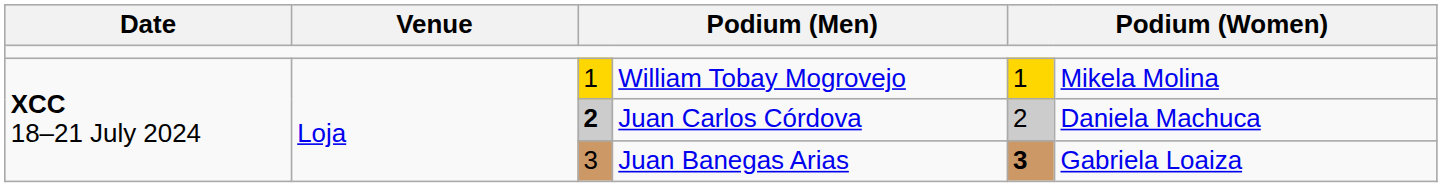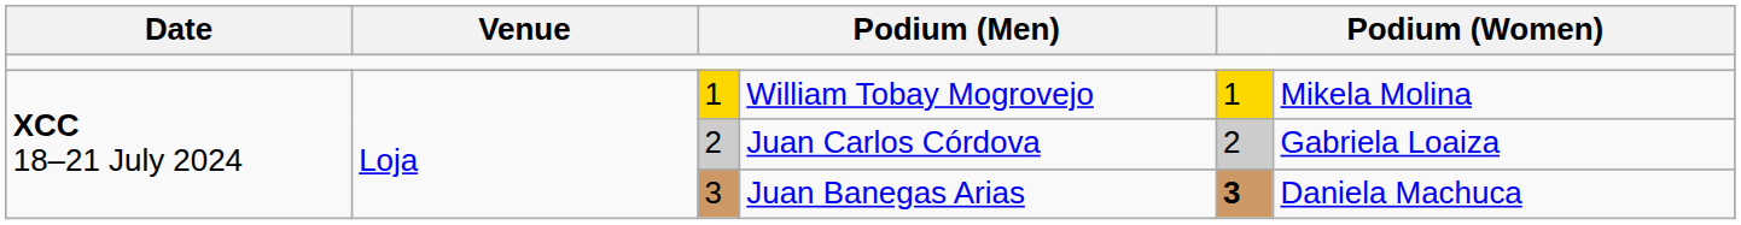 <table class="wikitable" width=70%>
 <tr>
 <th>Date</th>
 <th width=20%>Venue</th>
 <th colspan=2 width=30%>Podium (Men)</th>
 <th colspan=2 width=30%>Podium (Women)</th>
 </tr>
 <tr>
 <td colspan=6></td>
 </tr>
 <tr>
 <td rowspan=3><strong>XCC</strong> <br> 18–21 July 2024</td>
 <td rowspan=3><br><a href='#'>Loja</a></td>
 <td bgcolor=FFD700>1</td>
 <td><a href='#'>William Tobay Mogrovejo</a></td>
 <td bgcolor=FFD700>1</td>
 <td><a href='#'>Mikela Molina</a></td>
 </tr>
 <tr>
-<td bgcolor=CCCCCC><strong>2</strong></td>
+<td bgcolor=CCCCCC>2</td>
 <td><a href='#'>Juan Carlos Córdova</a></td>
 <td bgcolor=CCCCCC>2</td>
-<td><a href='#'>Daniela Machuca</a></td>
+<td><a href='#'>Gabriela Loaiza</a></td>
 </tr>
 <tr>
 <td bgcolor=CC9966>3</td>
 <td><a href='#'>Juan Banegas Arias</a></td>
 <td bgcolor=CC9966><strong>3</strong></td>
-<td><a href='#'>Gabriela Loaiza</a></td>
+<td><a href='#'>Daniela Machuca</a></td>
 </tr>
 </table>
